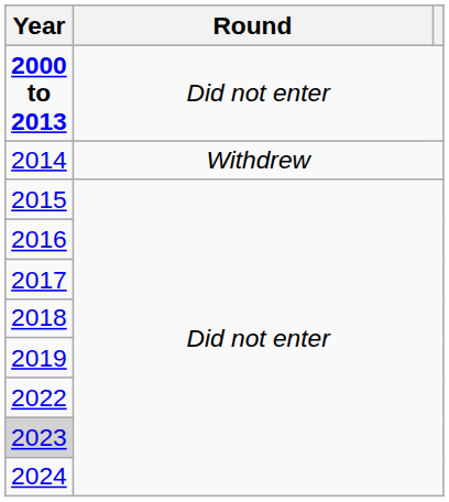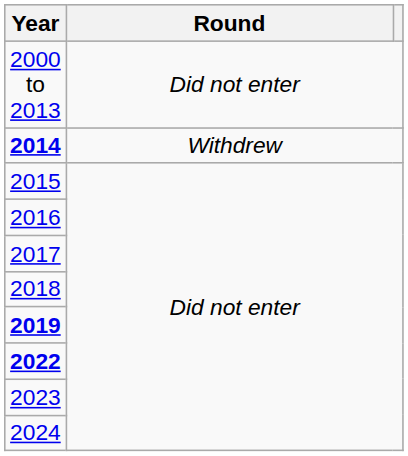 <table class="wikitable" style="text-align: center; font-size:90%">
 <tr>
 <th>Year</th>
 <th style="width:200px">Round</th>
 <th></th>
 </tr>
 <tr>
-<td><strong><a href='#'>2000</a><br>to<br><a href='#'>2013</a></strong></td>
+<td><a href='#'>2000</a><br>to<br><a href='#'>2013</a></td>
 <td colspan="2"><em>Did not enter</em></td>
 </tr>
 <tr>
-<td><a href='#'>2014</a></td>
+<td><strong><a href='#'>2014</a></strong></td>
 <td colspan="2"><em>Withdrew</em></td>
 </tr>
 <tr>
 <td><a href='#'>2015</a></td>
 <td colspan="2" rowspan="8"><em>Did not enter</em></td>
 </tr>
 <tr>
 <td><a href='#'>2016</a></td>
 </tr>
 <tr>
 <td><a href='#'>2017</a></td>
 </tr>
 <tr>
 <td><a href='#'>2018</a></td>
 </tr>
 <tr>
-<td><a href='#'>2019</a></td>
+<td><strong><a href='#'>2019</a></strong></td>
 </tr>
 <tr>
-<td><a href='#'>2022</a></td>
+<td><strong><a href='#'>2022</a></strong></td>
 </tr>
 <tr>
-<td style="background: lightgrey;"><a href='#'>2023</a></td>
+<td><a href='#'>2023</a></td>
 </tr>
 <tr>
 <td><a href='#'>2024</a></td>
 </tr>
 </table>
